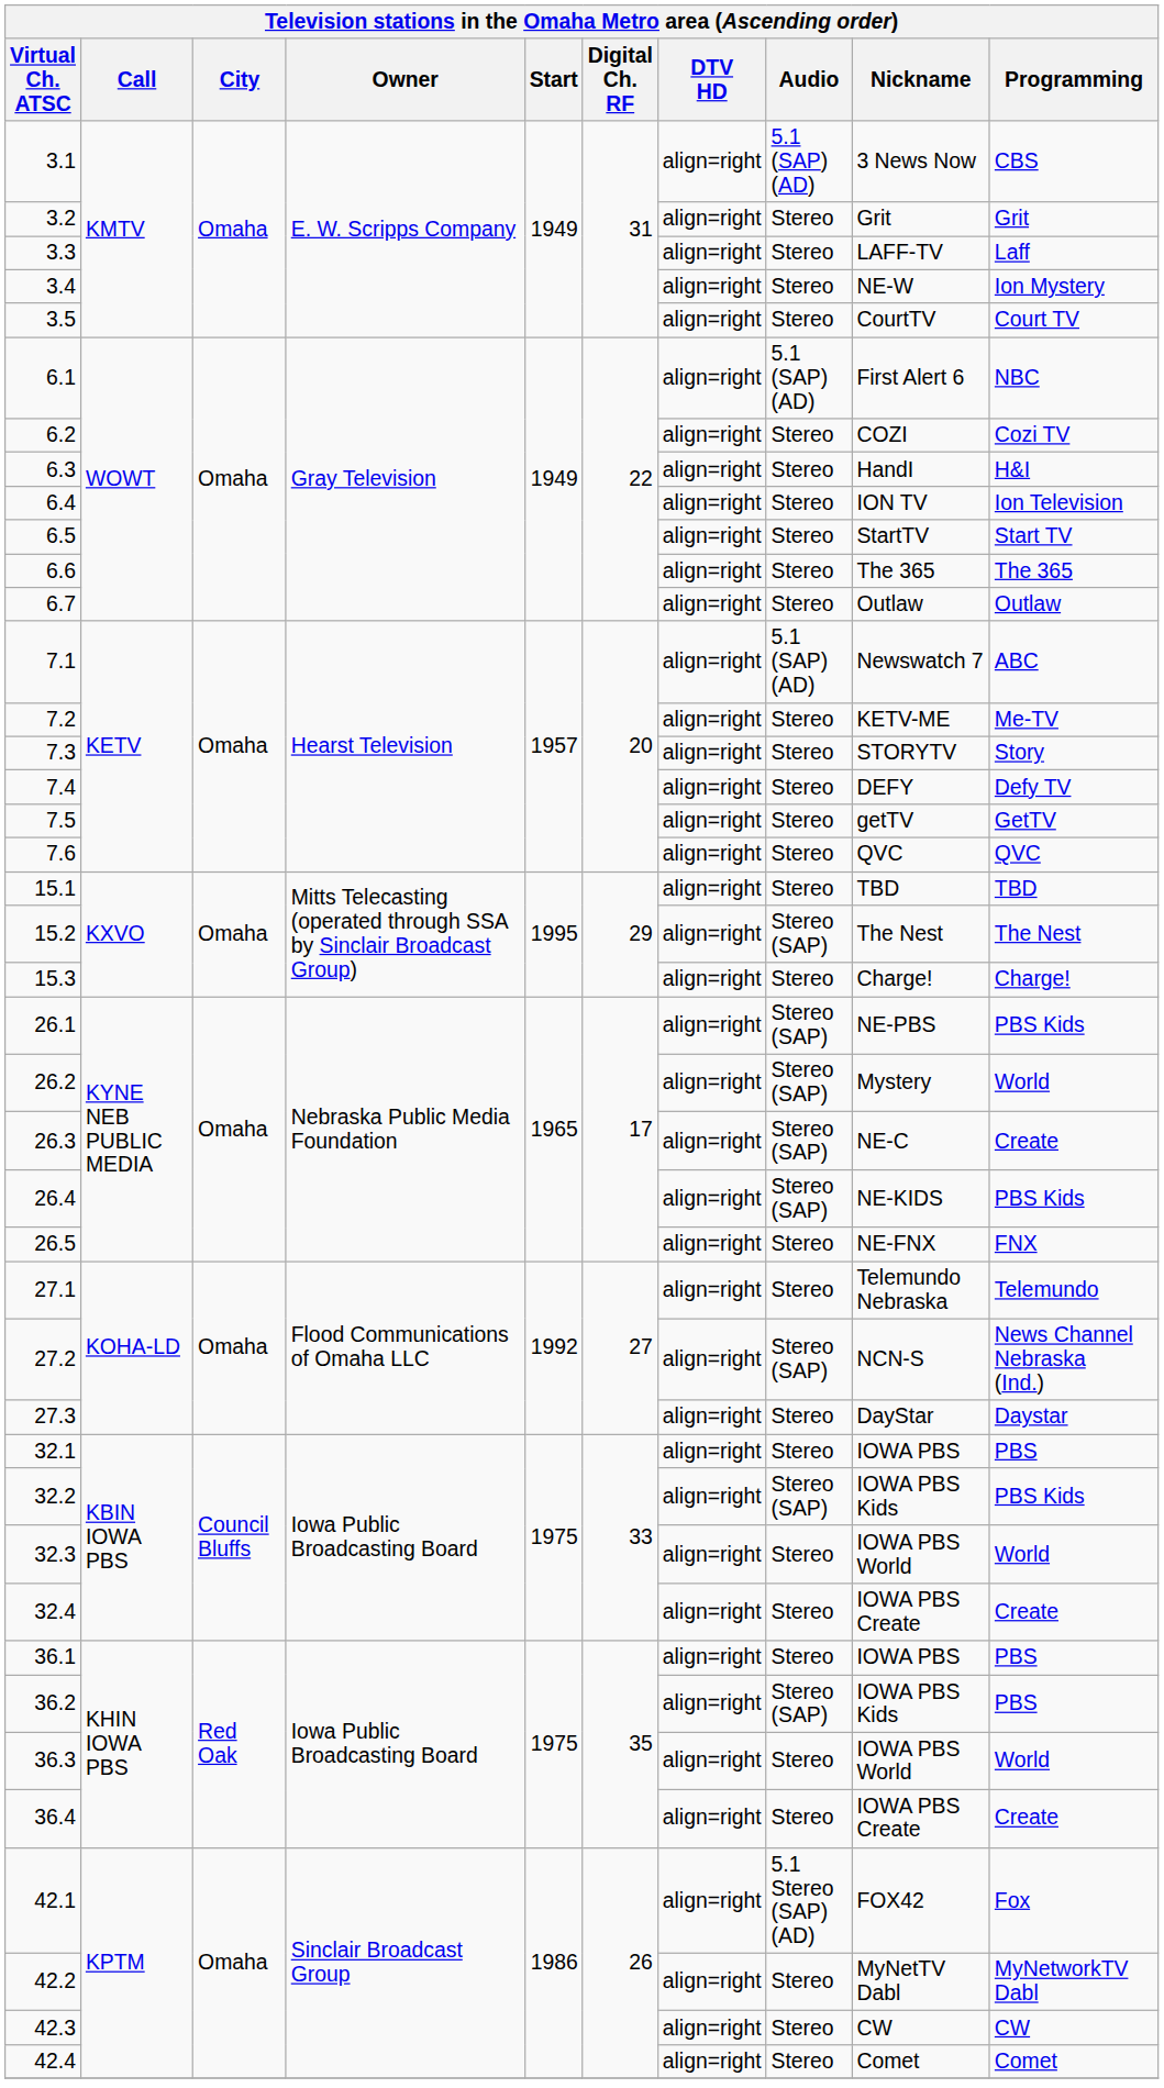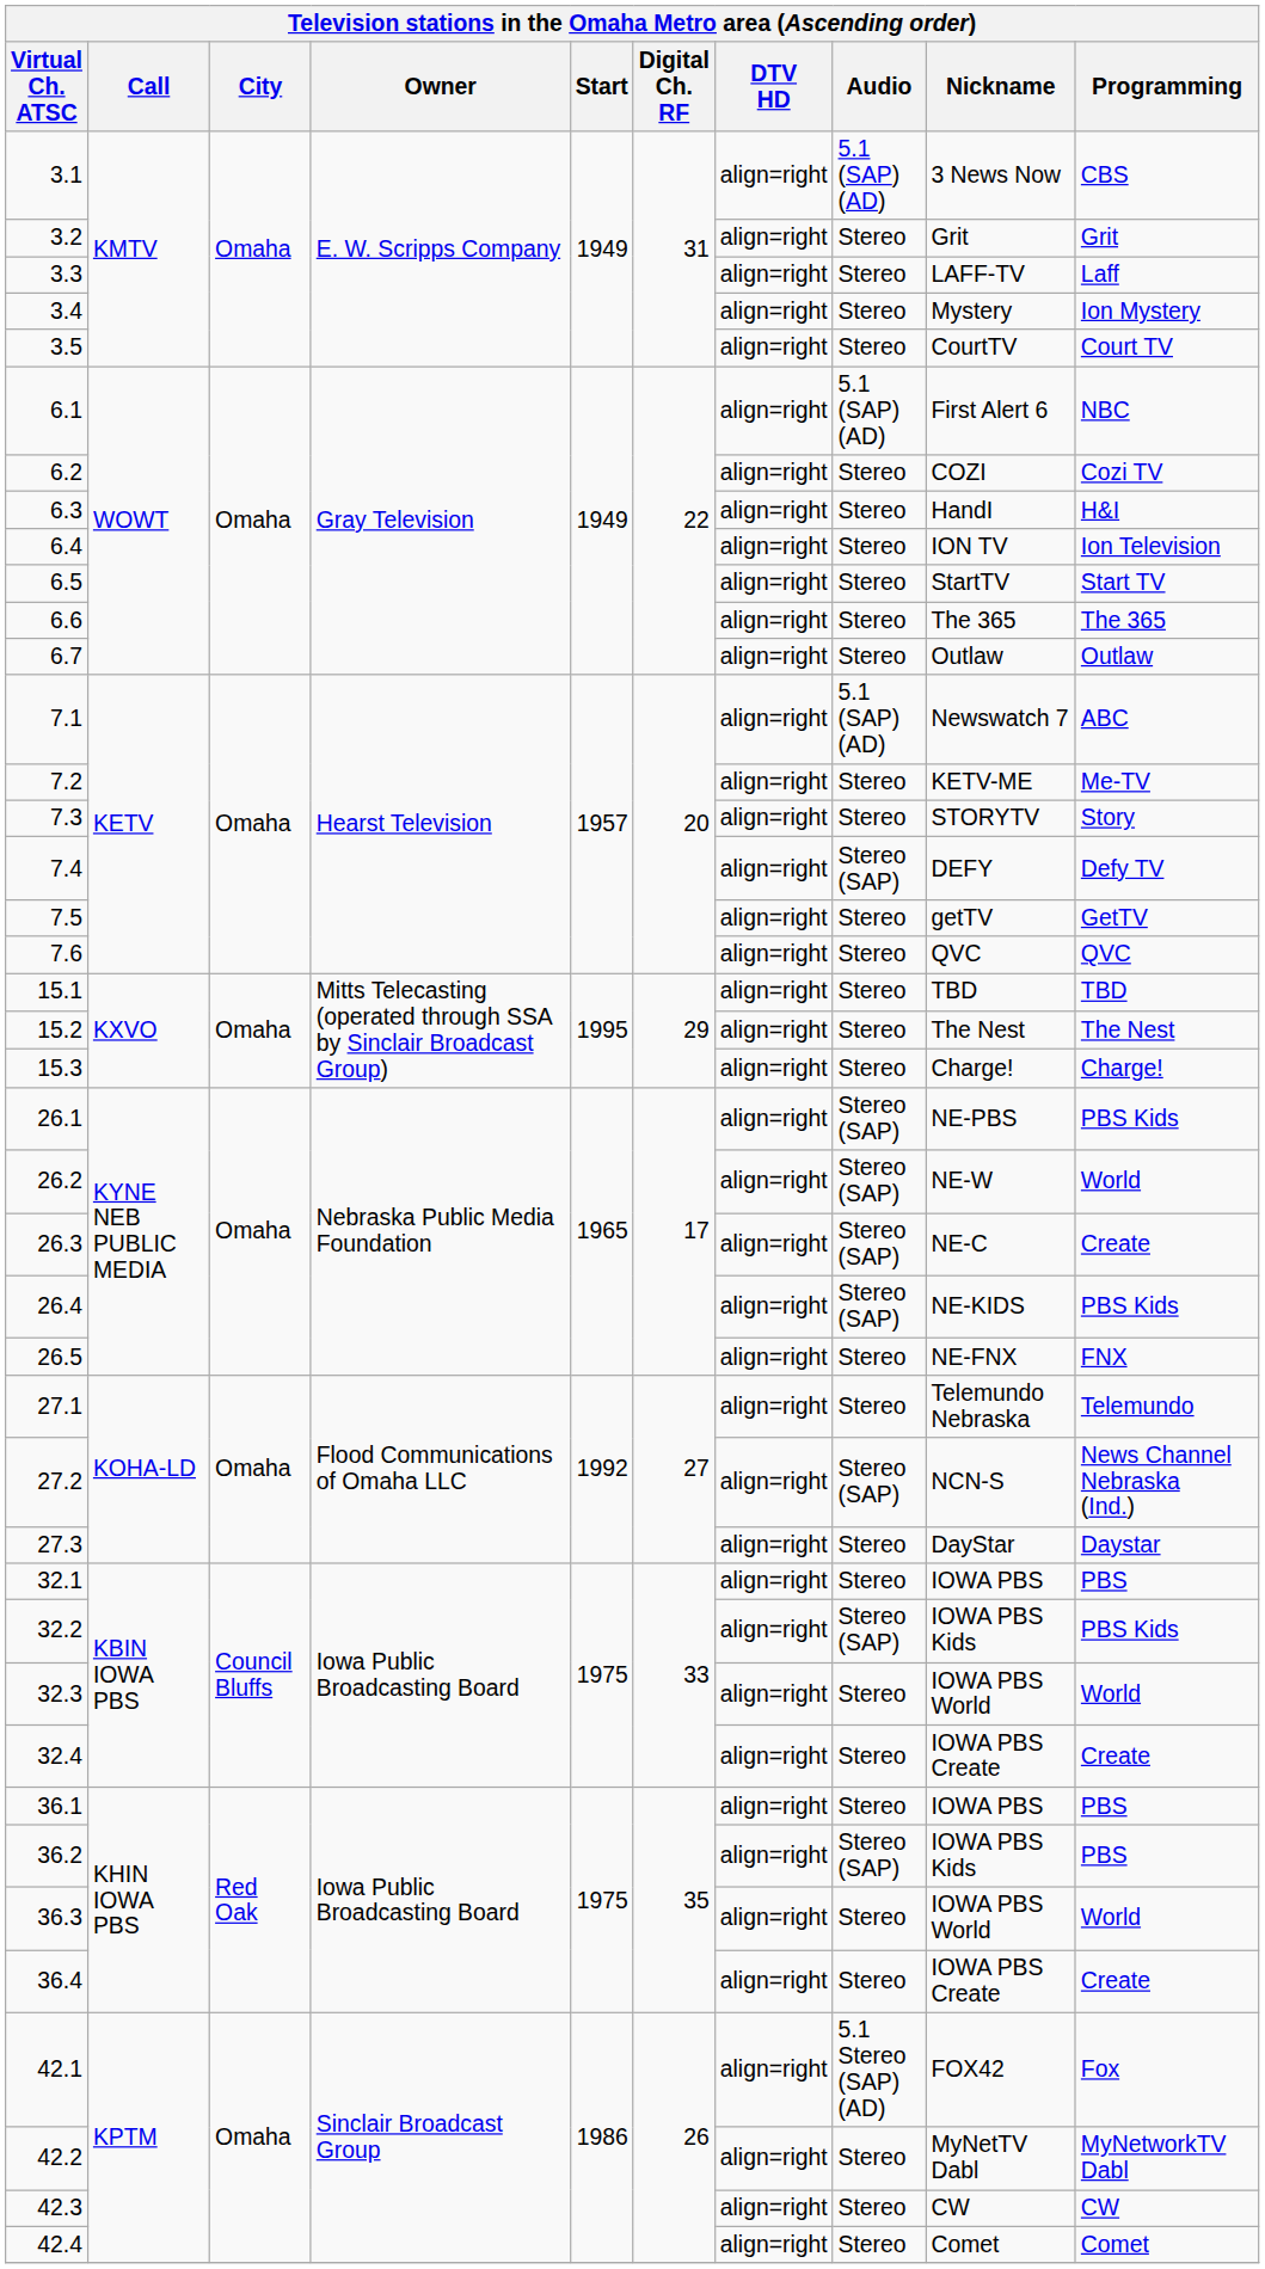 <table class="wikitable sortable">
 <tr>
 <th align="center" colspan="11"><strong><a href='#'>Television stations</a> in the <a href='#'>Omaha Metro</a> area</strong> (<em>Ascending order</em>)</th>
 </tr>
 <tr>
 <th><a href='#'>Virtual<br>Ch.</a><br><a href='#'>ATSC</a></th>
 <th><a href='#'>Call</a></th>
 <th><a href='#'>City</a></th>
 <th>Owner</th>
 <th>Start</th>
 <th>Digital<br>Ch.<br><strong><a href='#'>RF</a></strong></th>
 <th><a href='#'>DTV</a><br><a href='#'>HD</a></th>
 <th>Audio</th>
 <th>Nickname</th>
 <th>Programming</th>
 </tr>
 <tr>
 <td align=right>3.1</td>
 <td rowspan="5"><a href='#'>KMTV</a></td>
 <td rowspan="5"><a href='#'>Omaha</a></td>
 <td rowspan="5"><a href='#'>E. W. Scripps Company</a></td>
 <td rowspan="5" align=right>1949</td>
 <td rowspan="5" align=right>31</td>
 <td>align=right </td>
 <td><a href='#'>5.1</a><br>(<a href='#'>SAP</a>)<br>(<a href='#'>AD</a>)</td>
 <td>3 News Now</td>
 <td><a href='#'>CBS</a></td>
 </tr>
 <tr>
 <td align=right>3.2</td>
 <td>align=right </td>
 <td>Stereo</td>
 <td>Grit</td>
 <td><a href='#'>Grit</a></td>
 </tr>
 <tr>
 <td align=right>3.3</td>
 <td>align=right </td>
 <td>Stereo</td>
 <td>LAFF-TV</td>
 <td><a href='#'>Laff</a></td>
 </tr>
 <tr>
 <td align=right>3.4</td>
 <td>align=right </td>
 <td>Stereo</td>
-<td>NE-W</td>
+<td>Mystery</td>
 <td><a href='#'>Ion Mystery</a></td>
 </tr>
 <tr>
 <td align=right>3.5</td>
 <td>align=right </td>
 <td>Stereo</td>
 <td>CourtTV</td>
 <td><a href='#'>Court TV</a></td>
 </tr>
 <tr>
 <td align=right>6.1</td>
 <td rowspan="7"><a href='#'>WOWT</a></td>
 <td rowspan="7">Omaha</td>
 <td rowspan="7"><a href='#'>Gray Television</a></td>
 <td rowspan="7" align=right>1949</td>
 <td rowspan="7" align=right>22</td>
 <td>align=right </td>
 <td>5.1<br>(SAP)<br>(AD)</td>
 <td>First Alert 6</td>
 <td><a href='#'>NBC</a></td>
 </tr>
 <tr>
 <td align=right>6.2</td>
 <td>align=right </td>
 <td>Stereo</td>
 <td>COZI</td>
 <td><a href='#'>Cozi TV</a></td>
 </tr>
 <tr>
 <td align=right>6.3</td>
 <td>align=right </td>
 <td>Stereo</td>
 <td>HandI</td>
 <td><a href='#'>H&I</a></td>
 </tr>
 <tr>
 <td align=right>6.4</td>
 <td>align=right </td>
 <td>Stereo</td>
 <td>ION TV</td>
 <td><a href='#'>Ion Television</a></td>
 </tr>
 <tr>
 <td align=right>6.5</td>
 <td>align=right </td>
 <td>Stereo</td>
 <td>StartTV</td>
 <td><a href='#'>Start TV</a></td>
 </tr>
 <tr>
 <td align=right>6.6</td>
 <td>align=right </td>
 <td>Stereo</td>
 <td>The 365</td>
 <td><a href='#'>The 365</a></td>
 </tr>
 <tr>
 <td align=right>6.7</td>
 <td>align=right </td>
 <td>Stereo</td>
 <td>Outlaw</td>
 <td><a href='#'>Outlaw</a></td>
 </tr>
 <tr>
 <td align=right>7.1</td>
 <td rowspan="6"><a href='#'>KETV</a></td>
 <td rowspan="6">Omaha</td>
 <td rowspan="6"><a href='#'>Hearst Television</a></td>
 <td rowspan="6" align=right>1957</td>
 <td rowspan="6" align=right>20</td>
 <td>align=right </td>
 <td>5.1<br>(SAP)<br>(AD)</td>
 <td>Newswatch 7</td>
 <td><a href='#'>ABC</a></td>
 </tr>
 <tr>
 <td align=right>7.2</td>
 <td>align=right </td>
 <td>Stereo</td>
 <td>KETV-ME</td>
 <td><a href='#'>Me-TV</a></td>
 </tr>
 <tr>
 <td align=right>7.3</td>
 <td>align=right </td>
 <td>Stereo</td>
 <td>STORYTV</td>
 <td><a href='#'>Story</a></td>
 </tr>
 <tr>
 <td align=right>7.4</td>
 <td>align=right </td>
-<td>Stereo</td>
+<td>Stereo (SAP)</td>
 <td>DEFY</td>
 <td><a href='#'>Defy TV</a></td>
 </tr>
 <tr>
 <td align=right>7.5</td>
 <td>align=right </td>
 <td>Stereo</td>
 <td>getTV</td>
 <td><a href='#'>GetTV</a></td>
 </tr>
 <tr>
 <td align=right>7.6</td>
 <td>align=right </td>
 <td>Stereo</td>
 <td>QVC</td>
 <td><a href='#'>QVC</a></td>
 </tr>
 <tr>
 <td align=right>15.1</td>
 <td rowspan="3"><a href='#'>KXVO</a></td>
 <td rowspan="3">Omaha</td>
 <td rowspan="3">Mitts Telecasting<br>(operated through SSA by <a href='#'>Sinclair Broadcast Group</a>)</td>
 <td rowspan="3" align=right>1995</td>
 <td rowspan="3" align=right>29</td>
 <td>align=right </td>
 <td>Stereo</td>
 <td>TBD</td>
 <td><a href='#'>TBD</a></td>
 </tr>
 <tr>
 <td align=right>15.2</td>
 <td>align=right </td>
-<td>Stereo (SAP)</td>
+<td>Stereo</td>
 <td>The Nest</td>
 <td><a href='#'>The Nest</a></td>
 </tr>
 <tr>
 <td align=right>15.3</td>
 <td>align=right </td>
 <td>Stereo</td>
 <td>Charge!</td>
 <td><a href='#'>Charge!</a></td>
 </tr>
 <tr>
 <td align=right>26.1</td>
 <td rowspan="5"><a href='#'>KYNE</a><br>NEB PUBLIC MEDIA</td>
 <td rowspan="5">Omaha</td>
 <td rowspan="5">Nebraska Public Media Foundation</td>
 <td rowspan="5" align=right>1965</td>
 <td rowspan="5" align=right>17</td>
 <td>align=right </td>
 <td>Stereo (SAP)</td>
 <td>NE-PBS</td>
 <td><a href='#'>PBS Kids</a></td>
 </tr>
 <tr>
 <td align=right>26.2</td>
 <td>align=right </td>
 <td>Stereo (SAP)</td>
-<td>Mystery</td>
+<td>NE-W</td>
 <td><a href='#'>World</a></td>
 </tr>
 <tr>
 <td align=right>26.3</td>
 <td>align=right </td>
 <td>Stereo (SAP)</td>
 <td>NE-C</td>
 <td><a href='#'>Create</a></td>
 </tr>
 <tr>
 <td align=right>26.4</td>
 <td>align=right </td>
 <td>Stereo (SAP)</td>
 <td>NE-KIDS</td>
 <td><a href='#'>PBS Kids</a></td>
 </tr>
 <tr>
 <td align=right>26.5</td>
 <td>align=right </td>
 <td>Stereo</td>
 <td>NE-FNX</td>
 <td><a href='#'>FNX</a></td>
 </tr>
 <tr>
 <td align=right>27.1</td>
 <td rowspan="3"><a href='#'>KOHA-LD</a></td>
 <td rowspan="3">Omaha</td>
 <td rowspan="3">Flood Communications of Omaha LLC</td>
 <td rowspan="3" align=right>1992</td>
 <td rowspan="3" align=right>27</td>
 <td>align=right </td>
 <td>Stereo</td>
 <td>Telemundo Nebraska</td>
 <td><a href='#'>Telemundo</a></td>
 </tr>
 <tr>
 <td align=right>27.2</td>
 <td>align=right </td>
 <td>Stereo (SAP)</td>
 <td>NCN-S</td>
 <td><a href='#'>News Channel Nebraska</a><br>(<a href='#'>Ind.</a>)</td>
 </tr>
 <tr>
 <td align=right>27.3</td>
 <td>align=right </td>
 <td>Stereo</td>
 <td>DayStar</td>
 <td><a href='#'>Daystar</a></td>
 </tr>
 <tr>
 <td align=right>32.1</td>
 <td rowspan="4"><a href='#'>KBIN</a><br>IOWA PBS</td>
 <td rowspan="4"><a href='#'>Council Bluffs</a></td>
 <td rowspan="4">Iowa Public Broadcasting Board</td>
 <td rowspan="4" align=right>1975</td>
 <td rowspan="4" align=right>33</td>
 <td>align=right </td>
 <td>Stereo</td>
 <td>IOWA PBS</td>
 <td><a href='#'>PBS</a></td>
 </tr>
 <tr>
 <td align=right>32.2</td>
 <td>align=right </td>
 <td>Stereo (SAP)</td>
 <td>IOWA PBS Kids</td>
 <td><a href='#'>PBS Kids</a></td>
 </tr>
 <tr>
 <td align=right>32.3</td>
 <td>align=right </td>
 <td>Stereo</td>
 <td>IOWA PBS World</td>
 <td><a href='#'>World</a></td>
 </tr>
 <tr>
 <td align=right>32.4</td>
 <td>align=right </td>
 <td>Stereo</td>
 <td>IOWA PBS Create</td>
 <td><a href='#'>Create</a></td>
 </tr>
 <tr>
 <td align="right">36.1</td>
 <td rowspan="4">KHIN<br>IOWA PBS</td>
 <td rowspan="4"><a href='#'>Red Oak</a></td>
 <td rowspan="4">Iowa Public Broadcasting Board</td>
 <td rowspan="4" align=right>1975</td>
 <td rowspan="4" align=right>35</td>
 <td>align=right </td>
 <td>Stereo</td>
 <td>IOWA PBS</td>
 <td><a href='#'>PBS</a></td>
 </tr>
 <tr>
 <td align=right>36.2</td>
 <td>align=right </td>
 <td>Stereo (SAP)</td>
 <td>IOWA PBS Kids</td>
 <td><a href='#'>PBS</a></td>
 </tr>
 <tr>
 <td align=right>36.3</td>
 <td>align=right </td>
 <td>Stereo</td>
 <td>IOWA PBS World</td>
 <td><a href='#'>World</a></td>
 </tr>
 <tr>
 <td align=right>36.4</td>
 <td>align=right </td>
 <td>Stereo</td>
 <td>IOWA PBS Create</td>
 <td><a href='#'>Create</a></td>
 </tr>
 <tr>
 <td align=right>42.1</td>
 <td rowspan="4"><a href='#'>KPTM</a></td>
 <td rowspan="4">Omaha</td>
 <td rowspan="4"><a href='#'>Sinclair Broadcast Group</a></td>
 <td rowspan="4" align=right>1986</td>
 <td rowspan="4" align=right>26</td>
 <td>align=right </td>
 <td>5.1<br>Stereo (SAP)<br>(AD)</td>
 <td>FOX42</td>
 <td><a href='#'>Fox</a></td>
 </tr>
 <tr>
 <td align=right>42.2</td>
 <td>align=right </td>
 <td>Stereo</td>
 <td>MyNetTV Dabl</td>
 <td><a href='#'>MyNetworkTV</a><br><a href='#'>Dabl</a></td>
 </tr>
 <tr>
 <td align=right>42.3</td>
 <td>align=right </td>
 <td>Stereo</td>
 <td>CW</td>
 <td><a href='#'>CW</a></td>
 </tr>
 <tr>
 <td align=right>42.4</td>
 <td>align=right </td>
 <td>Stereo</td>
 <td>Comet</td>
 <td><a href='#'>Comet</a></td>
 </tr>
 <tr>
 </tr>
 </table>
